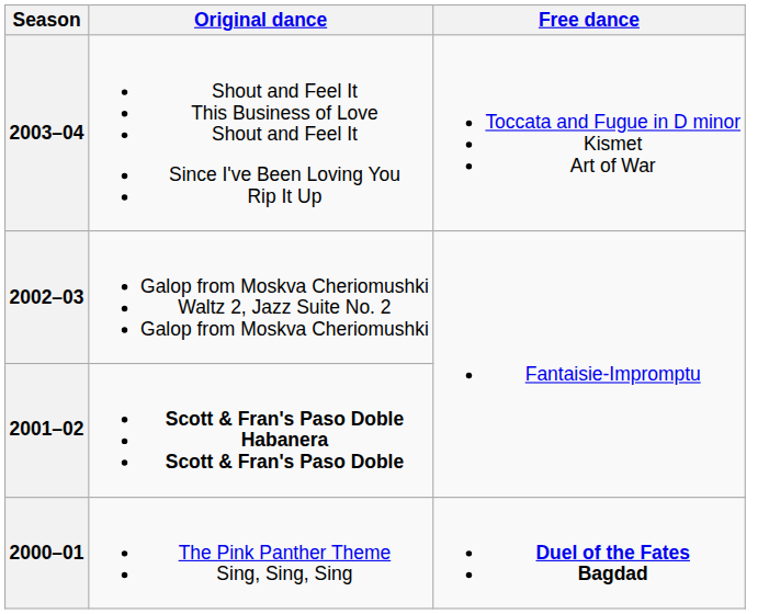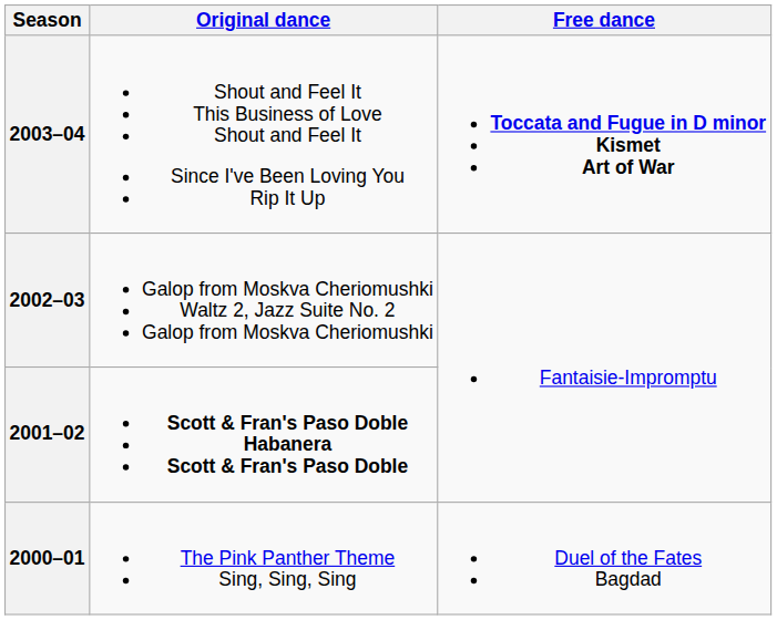 <table class="wikitable" style="text-align:center">
 <tr>
 <th>Season</th>
 <th><a href='#'>Original dance</a></th>
 <th><a href='#'>Free dance</a></th>
 </tr>
 <tr>
 <th>2003–04 <br> </th>
 <td><br><ul><li>Shout and Feel It <br></li><li>This Business of Love <br></li><li>Shout and Feel It <br></li></ul><ul><li>Since I've Been Loving You <br></li><li>Rip It Up <br></li></ul></td>
-<td><br><ul><li><a href='#'>Toccata and Fugue in D minor</a> <br></li><li>Kismet <br></li><li>Art of War <br></li></ul></td>
+<td><strong><br><ul><li><a href='#'>Toccata and Fugue in D minor</a> <br></li><li>Kismet <br></li><li>Art of War <br></li></ul></strong></td>
 </tr>
 <tr>
 <th>2002–03 <br> </th>
 <td><br><ul><li>Galop from Moskva Cheriomushki <br></li><li>Waltz 2, Jazz Suite No. 2 <br></li><li>Galop from Moskva Cheriomushki <br></li></ul></td>
 <td rowspan=2><br><ul><li><a href='#'>Fantaisie-Impromptu</a> <br></li></ul></td>
 </tr>
 <tr>
 <th>2001–02 <br> </th>
 <td><strong><br><ul><li>Scott & Fran's Paso Doble <br></li><li>Habanera <br></li><li>Scott & Fran's Paso Doble <br></li></ul></strong></td>
 </tr>
 <tr>
 <th>2000–01 <br> </th>
 <td><br><ul><li><a href='#'>The Pink Panther Theme</a> <br></li><li>Sing, Sing, Sing</li></ul></td>
-<td><strong><br><ul><li><a href='#'>Duel of the Fates</a> <br></li><li>Bagdad <br></li></ul></strong></td>
+<td><br><ul><li><a href='#'>Duel of the Fates</a> <br></li><li>Bagdad <br></li></ul></td>
 </tr>
 </table>
